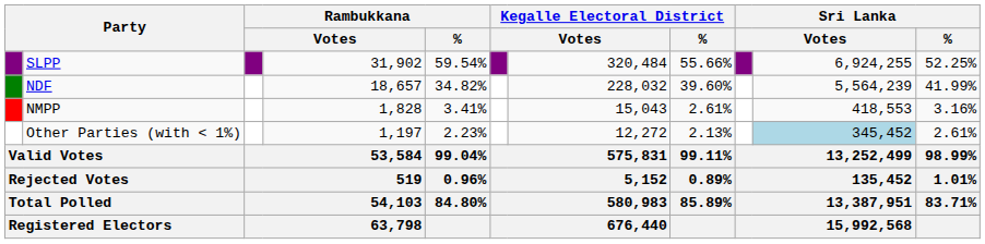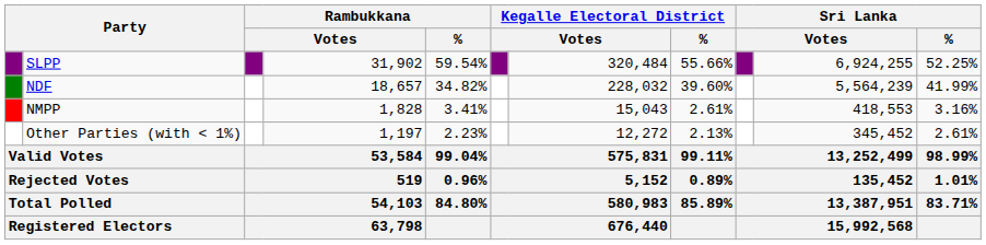 <table class="wikitable">
 <tr>
 <th colspan="2" width="144px"rowspan="2">Party</th>
 <th colspan="3" width="216px">Rambukkana</th>
 <th colspan="3" width="216px"><a href='#'>Kegalle Electoral District</a></th>
 <th colspan="3" width="216px">Sri Lanka</th>
 </tr>
 <tr>
 <th colspan="2" width="144px">Votes</th>
 <th>%</th>
 <th colspan="2" width="144px">Votes</th>
 <th>%</th>
 <th colspan="2" width="144px">Votes</th>
 <th>%</th>
 </tr>
 <tr>
 <td style="background-color:purple;" width="10px"></td>
 <td style="text-align:left;"><a href='#'>SLPP</a></td>
 <td style="background-color:purple;" width="10px"></td>
 <td style="text-align:right;">31,902</td>
 <td style="text-align:right;">59.54%</td>
 <td style="background-color:purple;" width="10px"></td>
 <td style="text-align:right;">320,484</td>
 <td style="text-align:right;">55.66%</td>
 <td style="background-color:purple;" width="10px"></td>
 <td style="text-align:right;">6,924,255</td>
 <td style="text-align:right;">52.25%</td>
 </tr>
 <tr>
 <td style="background-color:green;" width="10px"></td>
 <td style="text-align:left;"><a href='#'>NDF</a></td>
 <td style="background-color:white;" width="10px"></td>
 <td style="text-align:right;">18,657</td>
 <td style="text-align:right;">34.82%</td>
 <td style="background-color:white;" width="10px"></td>
 <td style="text-align:right;">228,032</td>
 <td style="text-align:right;">39.60%</td>
 <td style="background-color:white;" width="10px"></td>
 <td style="text-align:right;">5,564,239</td>
 <td style="text-align:right;">41.99%</td>
 </tr>
 <tr>
 <td style="background-color:red;" width="10px"></td>
 <td style="text-align:left;">NMPP</td>
 <td style="background-color:white;" width="10px"></td>
 <td style="text-align:right;">1,828</td>
 <td style="text-align:right;">3.41%</td>
 <td style="background-color:white;" width="10px"></td>
 <td style="text-align:right;">15,043</td>
 <td style="text-align:right;">2.61%</td>
 <td style="background-color:white;" width="10px"></td>
 <td style="text-align:right;">418,553</td>
 <td style="text-align:right;">3.16%</td>
 </tr>
 <tr>
 <td style="background-color:white;" width="10px"></td>
 <td style="text-align:left;">Other Parties (with < 1%)</td>
 <td style="background-color:white;" width="10px"></td>
 <td style="text-align:right;">1,197</td>
 <td style="text-align:right;">2.23%</td>
 <td style="background-color:white;" width="10px"></td>
 <td style="text-align:right;">12,272</td>
 <td style="text-align:right;">2.13%</td>
 <td style="background-color:white;" width="10px"></td>
-<td style="background: lightblue; text-align:right;">345,452</td>
+<td style="text-align:right;">345,452</td>
 <td style="text-align:right;">2.61%</td>
 </tr>
 <tr>
 <th colspan="2" width="144px"style="text-align:left;">Valid Votes</th>
 <th style="text-align:right;"colspan="2" width="144px">53,584</th>
 <th style="text-align:right;">99.04%</th>
 <th style="text-align:right;"colspan="2" width="144px">575,831</th>
 <th style="text-align:right;">99.11%</th>
 <th style="text-align:right;"colspan="2" width="144px">13,252,499</th>
 <th style="text-align:right;">98.99%</th>
 </tr>
 <tr>
 <th colspan="2" width="144px"style="text-align:left;">Rejected Votes</th>
 <th style="text-align:right;"colspan="2" width="144px">519</th>
 <th style="text-align:right;">0.96%</th>
 <th style="text-align:right;"colspan="2" width="144px">5,152</th>
 <th style="text-align:right;">0.89%</th>
 <th style="text-align:right;"colspan="2" width="144px">135,452</th>
 <th style="text-align:right;">1.01%</th>
 </tr>
 <tr>
 <th colspan="2" width="144px"style="text-align:left;">Total Polled</th>
 <th style="text-align:right;"colspan="2" width="144px">54,103</th>
 <th style="text-align:right;">84.80%</th>
 <th style="text-align:right;"colspan="2" width="144px">580,983</th>
 <th style="text-align:right;">85.89%</th>
 <th style="text-align:right;"colspan="2" width="144px">13,387,951</th>
 <th style="text-align:right;">83.71%</th>
 </tr>
 <tr>
 <th colspan="2" width="144px"style="text-align:left;">Registered Electors</th>
 <th style="text-align:right;"colspan="2" width="144px">63,798</th>
 <th></th>
 <th style="text-align:right;"colspan="2" width="144px">676,440</th>
 <th></th>
 <th style="text-align:right;"colspan="2" width="144px">15,992,568</th>
 <th></th>
 </tr>
 </table>
